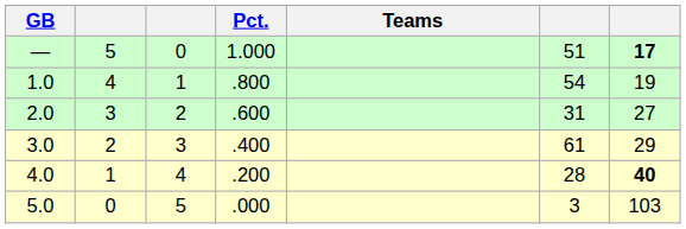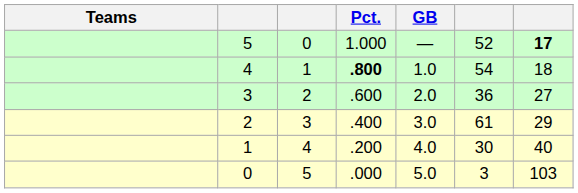 <table class="wikitable" style="text-align:center;">
 <tr>
-<th width=50px><a href='#'>GB</a></th>
+<th width=200px>Teams</th>
 <th width=50px></th>
 <th width=50px></th>
 <th width=50px><a href='#'>Pct.</a></th>
-<th width=200px>Teams</th>
+<th width=50px><a href='#'>GB</a></th>
 <th width=50px></th>
 <th width=50px></th>
 </tr>
 <tr style="background-color:#ccffcc">
-<td>—</td>
+<td align=left></td>
 <td>5</td>
 <td>0</td>
 <td>1.000</td>
-<td align=left></td>
-<td>51</td>
+<td>—</td>
+<td>52</td>
 <td><strong>17</strong></td>
 </tr>
 <tr style="background-color:#ccffcc">
-<td>1.0</td>
+<td align=left></td>
 <td>4</td>
 <td>1</td>
-<td>.800</td>
-<td align=left></td>
+<td><strong>.800</strong></td>
+<td>1.0</td>
 <td>54</td>
-<td>19</td>
+<td>18</td>
 </tr>
 <tr style="background-color:#ccffcc">
-<td>2.0</td>
+<td align=left></td>
 <td>3</td>
 <td>2</td>
 <td>.600</td>
-<td align=left></td>
-<td>31</td>
+<td>2.0</td>
+<td>36</td>
 <td>27</td>
 </tr>
 <tr style="background-color:#ffffcc">
-<td>3.0</td>
+<td align=left></td>
 <td>2</td>
 <td>3</td>
 <td>.400</td>
-<td align=left></td>
+<td>3.0</td>
 <td>61</td>
 <td>29</td>
 </tr>
 <tr style="background-color:#ffffcc">
-<td>4.0</td>
+<td align=left></td>
 <td>1</td>
 <td>4</td>
 <td>.200</td>
-<td align=left></td>
-<td>28</td>
-<td><strong>40</strong></td>
+<td>4.0</td>
+<td>30</td>
+<td>40</td>
 </tr>
 <tr style="background-color:#ffffcc">
-<td>5.0</td>
+<td align=left></td>
 <td>0</td>
 <td>5</td>
 <td>.000</td>
-<td align=left></td>
+<td>5.0</td>
 <td>3</td>
 <td>103</td>
 </tr>
 </table>
